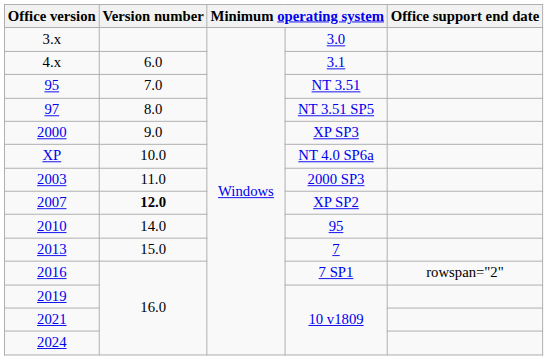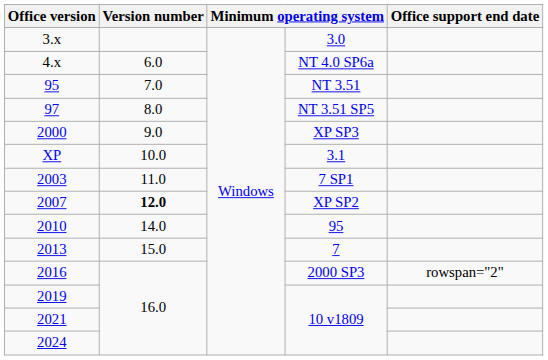 <table class="wikitable" style="text-align:center">
 <tr>
 <th>Office version</th>
 <th>Version number</th>
 <th colspan="2">Minimum <a href='#'>operating system</a></th>
 <th>Office support end date</th>
 </tr>
 <tr>
 <td>3.x</td>
 <td></td>
 <td rowspan="14"><a href='#'>Windows</a></td>
 <td><a href='#'>3.0</a></td>
 <td></td>
 </tr>
 <tr>
 <td>4.x</td>
 <td>6.0</td>
-<td><a href='#'>3.1</a></td>
+<td><a href='#'>NT 4.0 SP6a</a></td>
 <td></td>
 </tr>
 <tr>
 <td><a href='#'>95</a></td>
 <td>7.0</td>
 <td><a href='#'>NT 3.51</a></td>
 <td></td>
 </tr>
 <tr>
 <td><a href='#'>97</a></td>
 <td>8.0</td>
 <td><a href='#'>NT 3.51 SP5</a></td>
 <td></td>
 </tr>
 <tr>
 <td><a href='#'>2000</a></td>
 <td>9.0</td>
 <td><a href='#'>XP SP3</a></td>
 <td></td>
 </tr>
 <tr>
 <td><a href='#'>XP</a></td>
 <td>10.0</td>
-<td><a href='#'>NT 4.0 SP6a</a></td>
+<td><a href='#'>3.1</a></td>
 <td></td>
 </tr>
 <tr>
 <td><a href='#'>2003</a></td>
 <td>11.0</td>
-<td><a href='#'>2000 SP3</a></td>
+<td><a href='#'>7 SP1</a></td>
 <td></td>
 </tr>
 <tr>
 <td><a href='#'>2007</a></td>
 <td><strong>12.0</strong></td>
 <td><a href='#'>XP SP2</a></td>
 <td></td>
 </tr>
 <tr>
 <td><a href='#'>2010</a></td>
 <td>14.0</td>
 <td><a href='#'>95</a></td>
 <td></td>
 </tr>
 <tr>
 <td><a href='#'>2013</a></td>
 <td>15.0</td>
 <td><a href='#'>7</a></td>
 <td></td>
 </tr>
 <tr>
 <td><a href='#'>2016</a></td>
 <td rowspan="4">16.0</td>
-<td><a href='#'>7 SP1</a></td>
+<td><a href='#'>2000 SP3</a></td>
 <td>rowspan="2" </td>
 </tr>
 <tr>
 <td><a href='#'>2019</a></td>
 <td rowspan="3"><a href='#'>10 v1809</a></td>
 </tr>
 <tr>
 <td><a href='#'>2021</a></td>
 <td></td>
 </tr>
 <tr>
 <td><a href='#'>2024</a></td>
 <td></td>
 </tr>
 </table>
